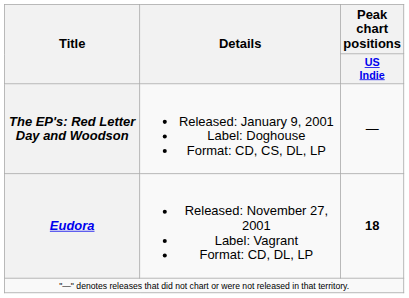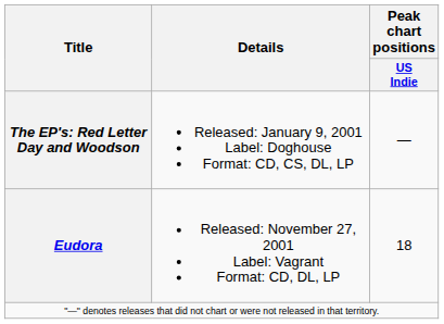 <table class="wikitable plainrowheaders" style="text-align:center">
 <tr>
 <th rowspan="2" style="width:10em;">Title</th>
 <th rowspan="2" style="width:15em;">Details</th>
 <th colspan="3">Peak chart<br>positions</th>
 </tr>
 <tr style="font-size:smaller;">
 <th width="35"><a href='#'>US<br>Indie</a><br></th>
 </tr>
 <tr>
 <th scope="row"><em>The EP's: Red Letter Day and Woodson</em></th>
 <td><br><ul><li>Released: January 9, 2001</li><li>Label: Doghouse</li><li>Format: CD, CS, DL, LP</li></ul></td>
 <td>—</td>
 </tr>
 <tr>
 <th scope="row"><em><a href='#'>Eudora</a></em></th>
 <td><br><ul><li>Released: November 27, 2001</li><li>Label: Vagrant</li><li>Format: CD, DL, LP</li></ul></td>
-<td><strong>18</strong></td>
+<td>18</td>
 </tr>
 <tr>
 <td colspan="5" style="font-size: 8pt">"—" denotes releases that did not chart or were not released in that territory.</td>
 </tr>
 </table>
